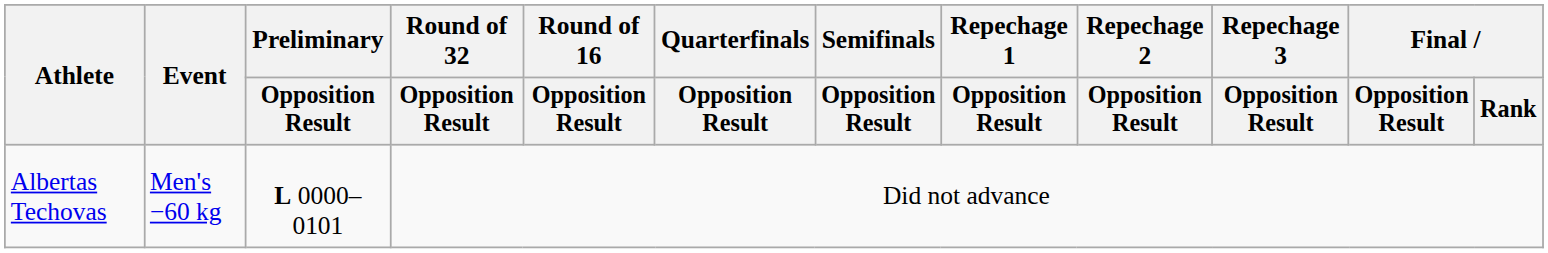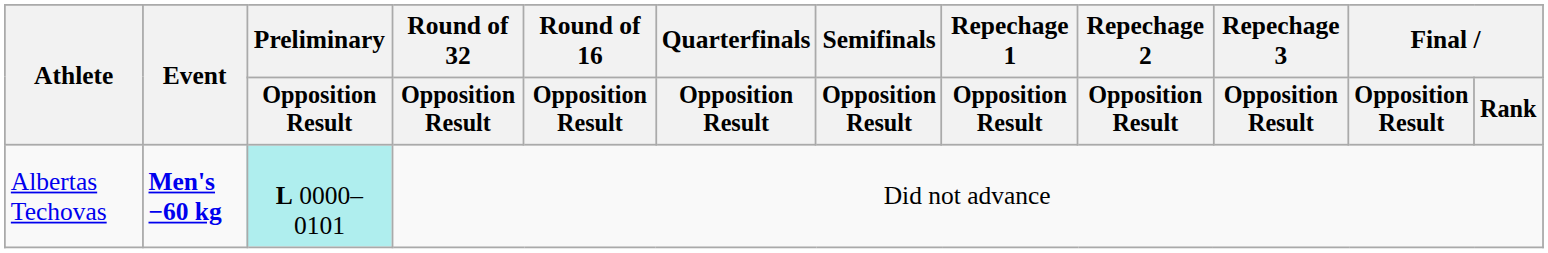 <table class="wikitable" style="font-size:90%">
 <tr>
 <th rowspan="2">Athlete</th>
 <th rowspan="2">Event</th>
 <th>Preliminary</th>
 <th>Round of 32</th>
 <th>Round of 16</th>
 <th>Quarterfinals</th>
 <th>Semifinals</th>
 <th>Repechage 1</th>
 <th>Repechage 2</th>
 <th>Repechage 3</th>
 <th colspan=2>Final / </th>
 </tr>
 <tr style="font-size:95%">
 <th>Opposition<br>Result</th>
 <th>Opposition<br>Result</th>
 <th>Opposition<br>Result</th>
 <th>Opposition<br>Result</th>
 <th>Opposition<br>Result</th>
 <th>Opposition<br>Result</th>
 <th>Opposition<br>Result</th>
 <th>Opposition<br>Result</th>
 <th>Opposition<br>Result</th>
 <th>Rank</th>
 </tr>
 <tr align=center>
 <td align=left><a href='#'>Albertas Techovas</a></td>
-<td align=left><a href='#'>Men's −60 kg</a></td>
-<td><br><strong>L</strong> 0000–0101</td>
+<td align=left><strong><a href='#'>Men's −60 kg</a></strong></td>
+<td style="background: paleturquoise;"><br><strong>L</strong> 0000–0101</td>
 <td colspan=9>Did not advance</td>
 </tr>
 </table>
